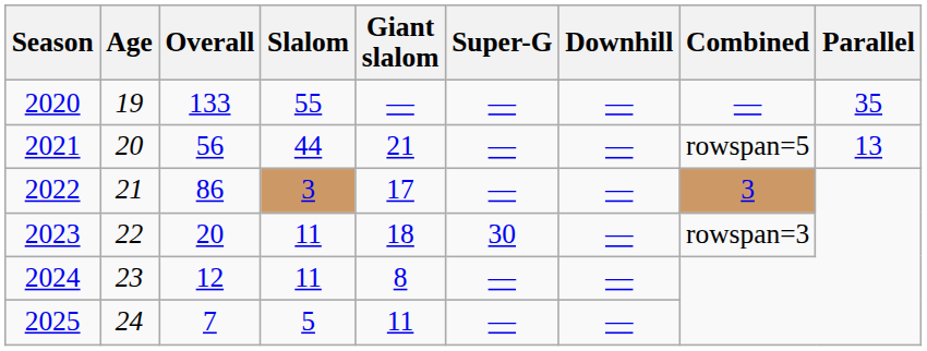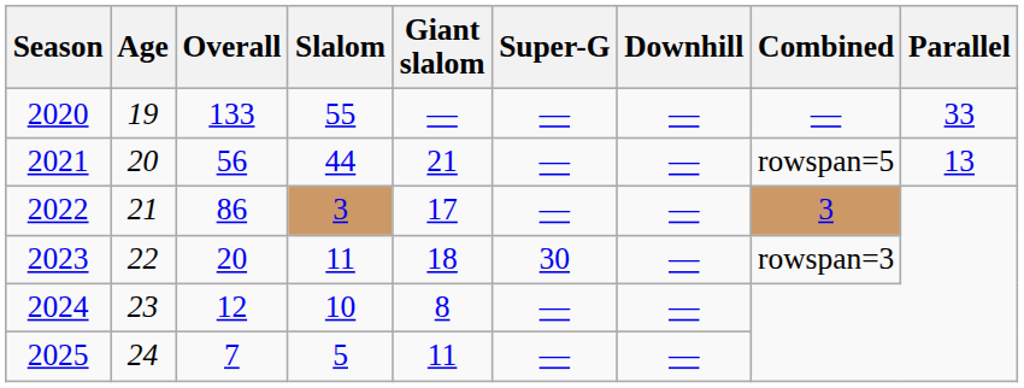 <table class=wikitable style="text-align:center">
 <tr>
 <th>Season</th>
 <th>Age</th>
 <th>Overall</th>
 <th>Slalom</th>
 <th>Giant<br>slalom</th>
 <th>Super-G</th>
 <th>Downhill</th>
 <th>Combined</th>
 <th>Parallel</th>
 </tr>
 <tr>
 <td><a href='#'>2020</a></td>
 <td><em>19</em></td>
 <td><a href='#'>133</a></td>
 <td><a href='#'>55</a></td>
 <td><a href='#'>—</a></td>
 <td><a href='#'>—</a></td>
 <td><a href='#'>—</a></td>
 <td><a href='#'>—</a></td>
-<td><a href='#'>35</a></td>
+<td><a href='#'>33</a></td>
 </tr>
 <tr>
 <td><a href='#'>2021</a></td>
 <td><em>20</em></td>
 <td><a href='#'>56</a></td>
 <td><a href='#'>44</a></td>
 <td><a href='#'>21</a></td>
 <td><a href='#'>—</a></td>
 <td><a href='#'>—</a></td>
 <td>rowspan=5 </td>
 <td><a href='#'>13</a></td>
 </tr>
 <tr>
 <td><a href='#'>2022</a></td>
 <td><em>21</em></td>
 <td><a href='#'>86</a></td>
 <td bgcolor="cc9966"><a href='#'>3</a></td>
 <td><a href='#'>17</a></td>
 <td><a href='#'>—</a></td>
 <td><a href='#'>—</a></td>
 <td bgcolor="cc9966"><a href='#'>3</a></td>
 </tr>
 <tr>
 <td><a href='#'>2023</a></td>
 <td><em>22</em></td>
 <td><a href='#'>20</a></td>
 <td><a href='#'>11</a></td>
 <td><a href='#'>18</a></td>
 <td><a href='#'>30</a></td>
 <td><a href='#'>—</a></td>
 <td>rowspan=3 </td>
 </tr>
 <tr>
 <td><a href='#'>2024</a></td>
 <td><em>23</em></td>
 <td><a href='#'>12</a></td>
-<td><a href='#'>11</a></td>
+<td><a href='#'>10</a></td>
 <td><a href='#'>8</a></td>
 <td><a href='#'>—</a></td>
 <td><a href='#'>—</a></td>
 </tr>
 <tr>
 <td><a href='#'>2025</a></td>
 <td><em>24</em></td>
 <td><a href='#'>7</a></td>
 <td><a href='#'>5</a></td>
 <td><a href='#'>11</a></td>
 <td><a href='#'>—</a></td>
 <td><a href='#'>—</a></td>
 </tr>
 </table>
